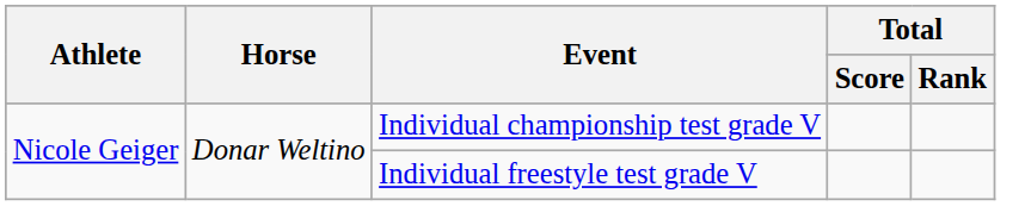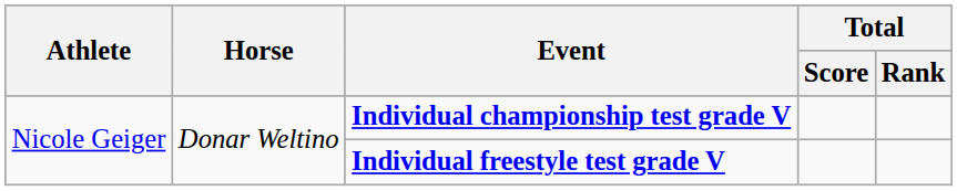 <table class=wikitable style="font-size:90%">
 <tr>
 <th rowspan="2">Athlete</th>
 <th rowspan="2">Horse</th>
 <th rowspan="2">Event</th>
 <th colspan="2">Total</th>
 </tr>
 <tr>
 <th>Score</th>
 <th>Rank</th>
 </tr>
 <tr>
 <td rowspan="2"><a href='#'>Nicole Geiger</a></td>
 <td rowspan="2"><em>Donar Weltino</em></td>
-<td><a href='#'>Individual championship test grade V</a></td>
+<td><strong><a href='#'>Individual championship test grade V</a></strong></td>
 <td align=center></td>
 <td align=center></td>
 </tr>
 <tr>
-<td><a href='#'>Individual freestyle test grade V</a></td>
+<td><strong><a href='#'>Individual freestyle test grade V</a></strong></td>
 <td align=center></td>
 <td align=center></td>
 </tr>
 </table>
